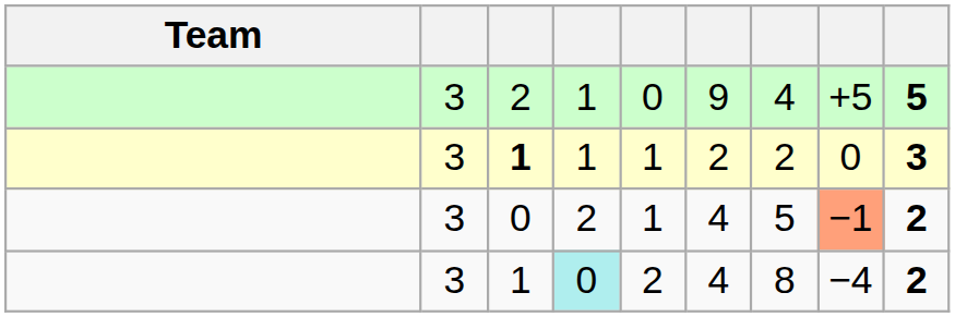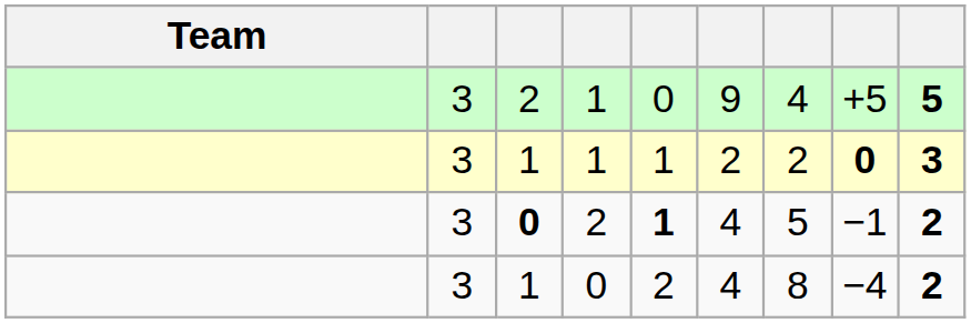 <table class="wikitable" style="text-align:center">
 <tr>
 <th width=165>Team</th>
 <th width=20></th>
 <th width=20></th>
 <th width=20></th>
 <th width=20></th>
 <th width=20></th>
 <th width=20></th>
 <th width=20></th>
 <th width=20></th>
 </tr>
 <tr style="background:#cfc;">
 <td align="left"></td>
 <td>3</td>
 <td>2</td>
 <td>1</td>
 <td>0</td>
 <td>9</td>
 <td>4</td>
 <td>+5</td>
 <td><strong>5</strong></td>
 </tr>
 <tr style="background:#ffc;">
 <td align="left"></td>
 <td>3</td>
-<td><strong>1</strong></td>
+<td>1</td>
 <td>1</td>
 <td>1</td>
 <td>2</td>
 <td>2</td>
-<td>0</td>
+<td><strong>0</strong></td>
 <td><strong>3</strong></td>
 </tr>
 <tr>
 <td align="left"></td>
 <td>3</td>
-<td>0</td>
+<td><strong>0</strong></td>
 <td>2</td>
-<td>1</td>
+<td><strong>1</strong></td>
 <td>4</td>
 <td>5</td>
-<td style="background: lightsalmon;">−1</td>
+<td>−1</td>
 <td><strong>2</strong></td>
 </tr>
 <tr>
 <td align="left"></td>
 <td>3</td>
 <td>1</td>
-<td style="background: paleturquoise;">0</td>
+<td>0</td>
 <td>2</td>
 <td>4</td>
 <td>8</td>
 <td>−4</td>
 <td><strong>2</strong></td>
 </tr>
 </table>
